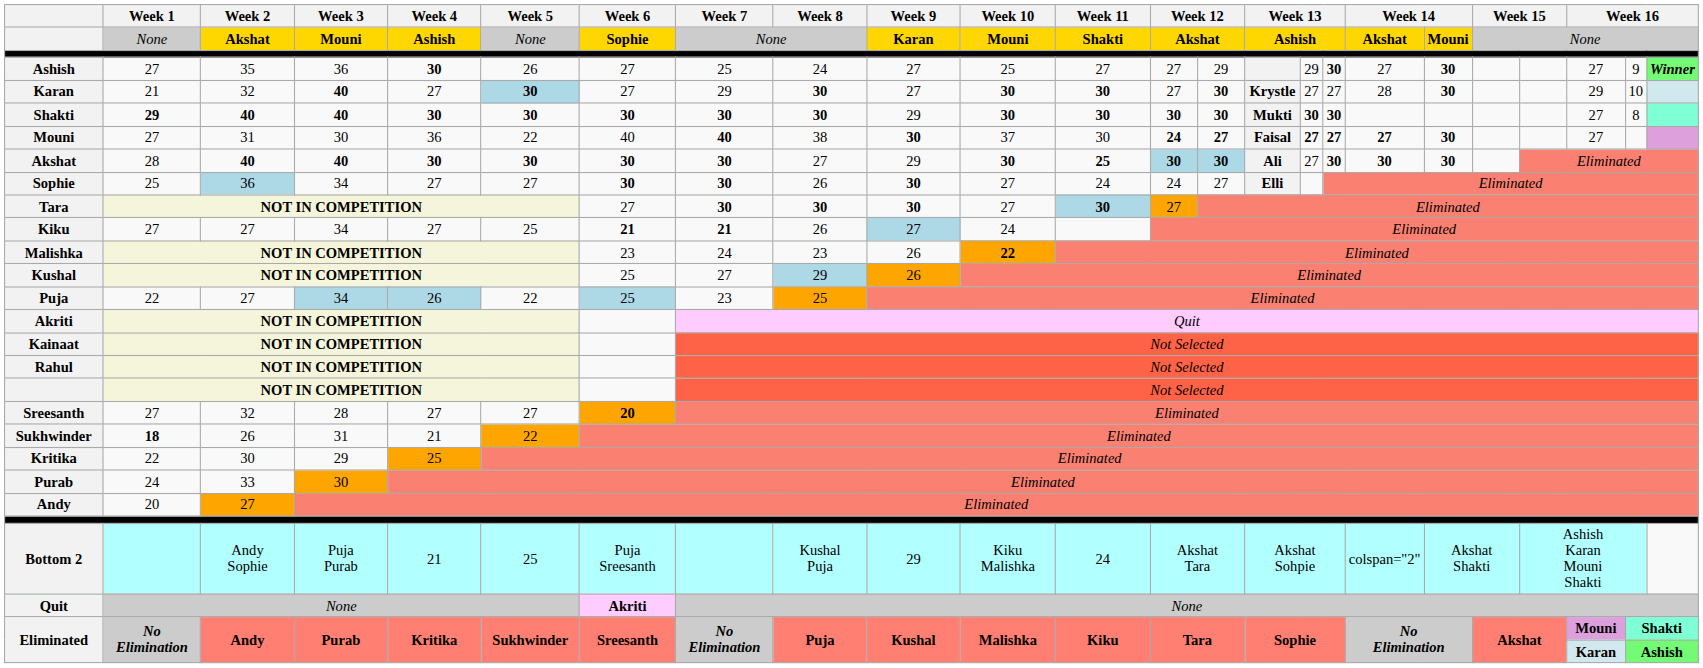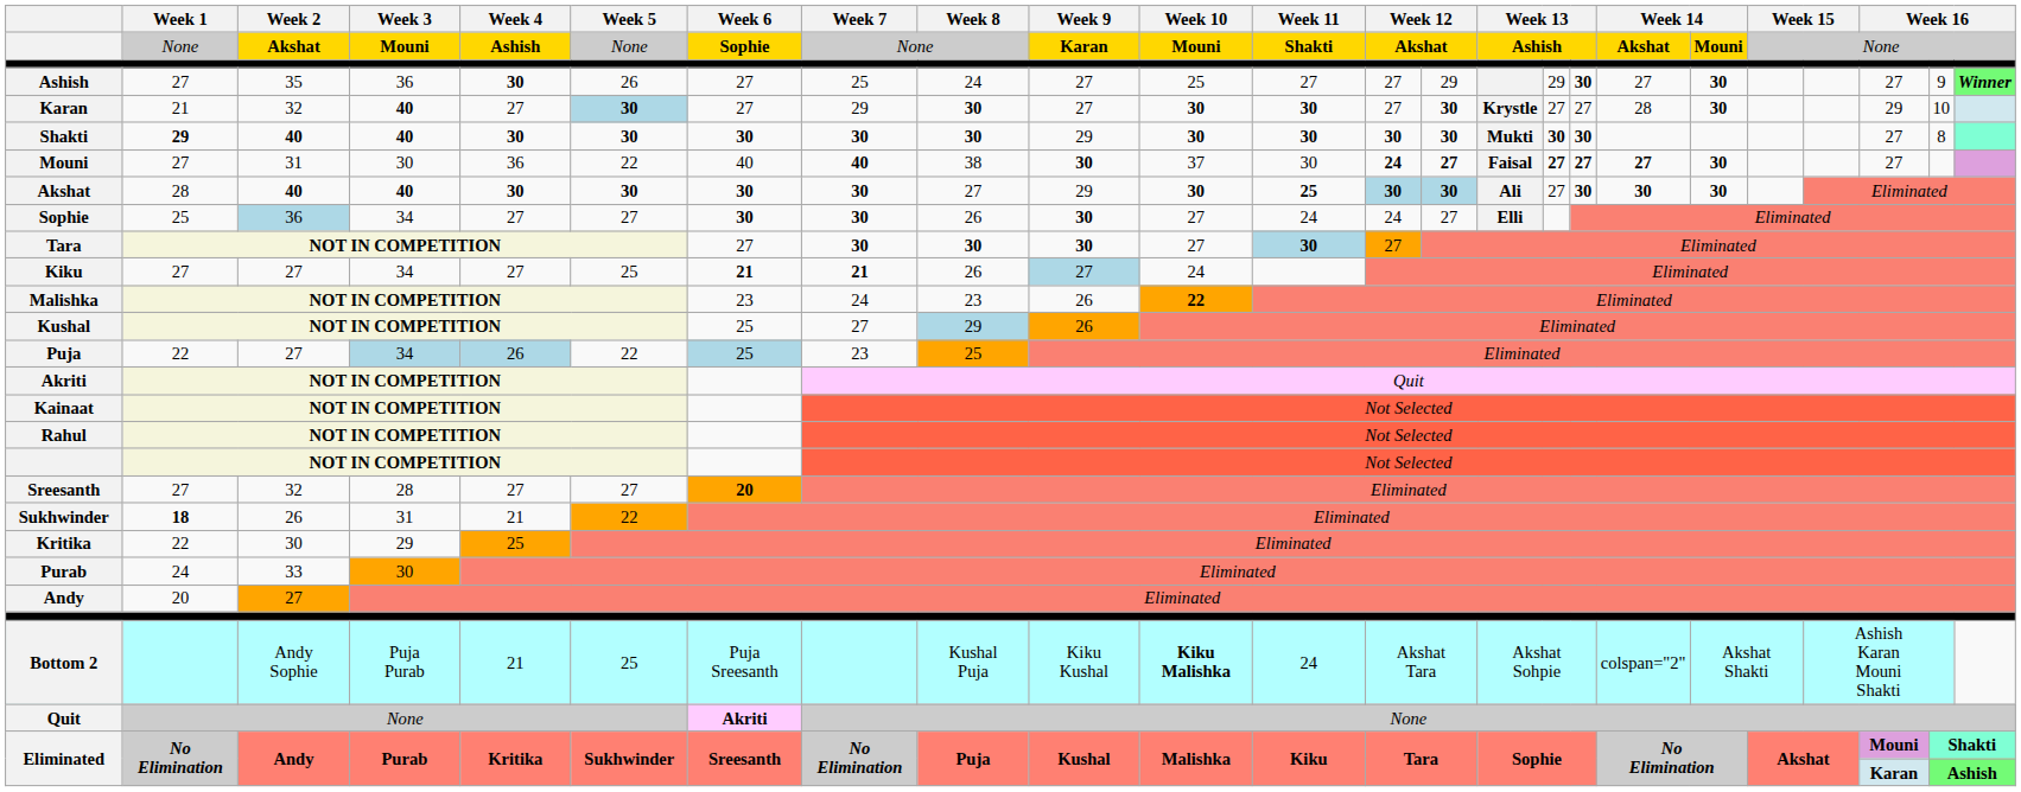 <table class="wikitable" style="text-align:center; width:100%; font-size:85%; line-height:15px;">
 <tr>
 <th style="width:6%;"></th>
 <th style="width:6%; white-space:nowrap;">Week 1</th>
 <th style="width:6%; white-space:nowrap;">Week 2</th>
 <th style="width:6%; white-space:nowrap;">Week 3</th>
 <th style="width:6%; white-space:nowrap;">Week 4</th>
 <th style="width:6%; white-space:nowrap;">Week 5</th>
 <th style="width:6%; white-space:nowrap;">Week 6</th>
 <th style="width:6%; white-space:nowrap;">Week 7</th>
 <th style="width:6%; white-space:nowrap;">Week 8</th>
 <th style="width:6%; white-space:nowrap;">Week 9</th>
 <th style="width:6%; white-space:nowrap;">Week 10</th>
 <th style="width:6%; white-space:nowrap;">Week 11</th>
 <th colspan="2" style="width:6%; white-space:nowrap;">Week 12</th>
 <th colspan="3" style="width:6%; white-space:nowrap;">Week 13</th>
 <th colspan="2" style="width:6%; white-space:nowrap;">Week 14</th>
 <th colspan="2" style="width:6%; white-space:nowrap;">Week 15</th>
 <th colspan="3" style="width:9%; white-space:nowrap;">Week 16</th>
 </tr>
 <tr>
 <th></th>
 <td style="background:#ccc;"><em>None</em></td>
 <td style="background:gold;"><strong>Akshat</strong></td>
 <td style="background:gold;"><strong>Mouni</strong></td>
 <td style="background:gold;"><strong>Ashish</strong></td>
 <td style="background:#ccc;"><em>None</em></td>
 <td style="background:gold;"><strong>Sophie</strong></td>
 <td colspan="2" style="background:#ccc;"><em>None</em></td>
 <td style="background:gold;"><strong>Karan</strong></td>
 <td style="background:gold;"><strong>Mouni</strong></td>
 <td style="background:gold;"><strong>Shakti</strong></td>
 <td colspan="2" style="background:gold;"><strong>Akshat</strong></td>
 <td colspan="3" style="background:gold;"><strong>Ashish</strong></td>
 <td style="background:gold;"><strong>Akshat</strong></td>
 <td style="background:gold;"><strong>Mouni</strong></td>
 <td colspan="5" style="background:#ccc;"><em>None</em></td>
 </tr>
 <tr>
 <td colspan="24" bgcolor="black"></td>
 </tr>
 <tr>
 <th>Ashish</th>
 <td>27</td>
 <td>35</td>
 <td>36</td>
 <td><span><strong>30</strong></span></td>
 <td>26</td>
 <td>27</td>
 <td>25</td>
 <td>24</td>
 <td>27</td>
 <td>25</td>
 <td>27</td>
 <td>27</td>
 <td>29</td>
 <th></th>
 <td>29</td>
 <td><span><strong>30</strong></span></td>
 <td><span>27</span></td>
 <td><span><strong>30</strong></span></td>
 <td></td>
 <td></td>
 <td>27</td>
 <td>9</td>
 <td style="background:#73FB76;"><strong><em>Winner</em></strong></td>
 </tr>
 <tr>
 <th>Karan</th>
 <td>21</td>
 <td>32</td>
 <td><span><strong>40</strong></span></td>
 <td>27</td>
 <td style="background:lightblue;"><span><strong>30</strong></span></td>
 <td>27</td>
 <td>29</td>
 <td><span><strong>30</strong></span></td>
 <td>27</td>
 <td><span><strong>30</strong></span></td>
 <td><span><strong>30</strong></span></td>
 <td>27</td>
 <td><span><strong>30</strong></span></td>
 <th>Krystle</th>
 <td>27</td>
 <td>27</td>
 <td>28</td>
 <td><span><strong>30</strong></span></td>
 <td></td>
 <td></td>
 <td>29</td>
 <td>10</td>
 <td style="background:#D1E8EF;"><strong><em></em></strong></td>
 </tr>
 <tr>
 <th>Shakti</th>
 <td><span><strong>29</strong></span></td>
 <td><span><strong>40</strong></span></td>
 <td><span><strong>40</strong></span></td>
 <td><span><strong>30</strong></span></td>
 <td><span><strong>30</strong></span></td>
 <td><span><strong>30</strong></span></td>
 <td><span><strong>30</strong></span></td>
 <td><span><strong>30</strong></span></td>
 <td>29</td>
 <td><span><strong>30</strong></span></td>
 <td><span><strong>30</strong></span></td>
 <td><span><strong>30</strong></span></td>
 <td><span><strong>30</strong></span></td>
 <th>Mukti</th>
 <td><span><strong>30</strong></span></td>
 <td><span><strong>30</strong></span></td>
 <td></td>
 <td></td>
 <td></td>
 <td></td>
 <td>27</td>
 <td>8</td>
 <td style="background:#7FFFD4;"><strong><em></em></strong></td>
 </tr>
 <tr>
 <th>Mouni</th>
 <td>27</td>
 <td>31</td>
 <td>30</td>
 <td>36</td>
 <td>22</td>
 <td>40</td>
 <td><span><strong>40</strong></span></td>
 <td>38</td>
 <td><span><strong>30</strong></span></td>
 <td>37</td>
 <td><span>30</span></td>
 <td><span><strong>24</strong></span></td>
 <td><span><strong>27</strong></span></td>
 <th>Faisal</th>
 <td><span><strong>27</strong></span></td>
 <td><span><strong>27</strong></span></td>
 <td><span><strong>27</strong></span></td>
 <td><span><strong>30</strong></span></td>
 <td></td>
 <td></td>
 <td>27</td>
 <td></td>
 <td style="background:#DDA0DD;"><strong><em></em></strong></td>
 </tr>
 <tr>
 <th>Akshat</th>
 <td>28</td>
 <td><span><strong>40</strong></span></td>
 <td><span><strong>40</strong></span></td>
 <td><span><strong>30</strong></span></td>
 <td><span><strong>30</strong></span></td>
 <td><span><strong>30</strong></span></td>
 <td><span><strong>30</strong></span></td>
 <td>27</td>
 <td>29</td>
 <td><span><strong>30</strong></span></td>
 <td><span><strong>25</strong></span></td>
 <td style="background:lightblue;"><span><strong>30</strong></span></td>
 <td style="background:lightblue;"><span><strong>30</strong></span></td>
 <th>Ali</th>
 <td>27</td>
 <td><span><strong>30</strong></span></td>
 <td><span><strong>30</strong></span></td>
 <td><span><strong>30</strong></span></td>
 <td></td>
 <td colspan="4" style="background:salmon; text-align:center;"><em>Eliminated</em></td>
 </tr>
 <tr>
 <th>Sophie</th>
 <td>25</td>
 <td style="background:lightblue;">36</td>
 <td>34</td>
 <td>27</td>
 <td>27</td>
 <td><span><strong>30</strong></span></td>
 <td><span><strong>30</strong></span></td>
 <td>26</td>
 <td><span><strong>30</strong></span></td>
 <td>27</td>
 <td>24</td>
 <td>24</td>
 <td>27</td>
 <th>Elli</th>
 <td></td>
 <td colspan="8" style="background:salmon; text-align:center;"><em>Eliminated</em></td>
 </tr>
 <tr>
 <th>Tara</th>
 <td colspan="5" style="background:beige; text-align:center;"><strong>NOT IN COMPETITION</strong></td>
 <td>27</td>
 <td><span><strong>30</strong></span></td>
 <td><span><strong>30</strong></span></td>
 <td><span><strong>30</strong></span></td>
 <td>27</td>
 <td style="background:lightblue;"><span><strong>30</strong></span></td>
 <td style="background:orange;">27</td>
 <td colspan="11" style="background:salmon; text-align:center;"><em>Eliminated</em></td>
 </tr>
 <tr>
 <th>Kiku</th>
 <td>27</td>
 <td>27</td>
 <td>34</td>
 <td>27</td>
 <td>25</td>
 <td><span><strong>21</strong></span></td>
 <td><span><strong>21</strong></span></td>
 <td>26</td>
 <td style="background:lightblue;">27</td>
 <td>24</td>
 <td></td>
 <td colspan="12" style="background:salmon; text-align:center;"><em>Eliminated</em></td>
 </tr>
 <tr>
 <th>Malishka</th>
 <td colspan="5" style="background:beige; text-align:center;"><strong>NOT IN COMPETITION</strong></td>
 <td>23</td>
 <td>24</td>
 <td>23</td>
 <td>26</td>
 <td style="background:orange;"><span><strong>22</strong></span></td>
 <td colspan="13" style="background:salmon; text-align:center;"><em>Eliminated</em></td>
 </tr>
 <tr>
 <th>Kushal</th>
 <td colspan="5" style="background:beige; text-align:center;"><strong>NOT IN COMPETITION</strong></td>
 <td>25</td>
 <td>27</td>
 <td style="background:lightblue;">29</td>
 <td style="background:orange;">26</td>
 <td colspan="14" style="background:salmon; text-align:center;"><em>Eliminated</em></td>
 </tr>
 <tr>
 <th>Puja</th>
 <td>22</td>
 <td>27</td>
 <td style="background:lightblue;">34</td>
 <td style="background:lightblue;">26</td>
 <td>22</td>
 <td style="background:lightblue;">25</td>
 <td>23</td>
 <td style="background:orange;">25</td>
 <td colspan="15" style="background:salmon; text-align:center;"><em>Eliminated</em></td>
 </tr>
 <tr>
 <th>Akriti</th>
 <td colspan="5" style="background:beige; text-align:center;"><strong>NOT IN COMPETITION</strong></td>
 <td></td>
 <td colspan="17" style="background:#fcf; text-align:center;"><em>Quit</em></td>
 </tr>
 <tr>
 <th>Kainaat</th>
 <td colspan="5" style="background:beige; text-align:center;"><strong>NOT IN COMPETITION</strong></td>
 <td></td>
 <td colspan="17" style="background:tomato; text-align:center;"><em>Not Selected</em></td>
 </tr>
 <tr>
 <th>Rahul</th>
 <td colspan="5" style="background:beige; text-align:center;"><strong>NOT IN COMPETITION</strong></td>
 <td></td>
 <td colspan="17" style="background:tomato; text-align:center;"><em>Not Selected</em></td>
 </tr>
 <tr>
 <th></th>
 <td colspan="5" style="background:beige; text-align:center;"><strong>NOT IN COMPETITION</strong></td>
 <td></td>
 <td colspan="17" style="background:tomato; text-align:center;"><em>Not Selected</em></td>
 </tr>
 <tr>
 <th>Sreesanth</th>
 <td>27</td>
 <td>32</td>
 <td>28</td>
 <td>27</td>
 <td>27</td>
 <td style="background:orange;"><span><strong>20</strong></span></td>
 <td colspan="17" style="background:salmon; text-align:center;"><em>Eliminated</em></td>
 </tr>
 <tr>
 <th>Sukhwinder</th>
 <td><span><strong>18</strong></span></td>
 <td>26</td>
 <td>31</td>
 <td>21</td>
 <td style="background:orange;">22</td>
 <td colspan="18" style="background:salmon; text-align:center;"><em>Eliminated</em></td>
 </tr>
 <tr>
 <th>Kritika</th>
 <td>22</td>
 <td>30</td>
 <td>29</td>
 <td style="background:orange;">25</td>
 <td colspan="19" style="background:salmon; text-align:center;"><em>Eliminated</em></td>
 </tr>
 <tr>
 <th>Purab</th>
 <td>24</td>
 <td>33</td>
 <td style="background:orange;">30</td>
 <td colspan="20" style="background:salmon; text-align:center;"><em>Eliminated</em></td>
 </tr>
 <tr>
 <th>Andy</th>
 <td>20</td>
 <td style="background:orange;">27</td>
 <td colspan="21" style="background:salmon; text-align:center;"><em>Eliminated</em></td>
 </tr>
 <tr>
 <td colspan="24" bgcolor="black"></td>
 </tr>
 <tr style="background:#B2FFFF" |>
 <th>Bottom 2</th>
 <td></td>
 <td>Andy<br>Sophie</td>
 <td>Puja<br>Purab</td>
 <td>21</td>
 <td>25</td>
 <td>Puja<br>Sreesanth</td>
 <td></td>
 <td>Kushal<br>Puja</td>
-<td>29</td>
-<td>Kiku<br>Malishka</td>
+<td>Kiku<br>Kushal</td>
+<td><strong>Kiku<br>Malishka</strong></td>
 <td>24</td>
 <td colspan="2">Akshat<br>Tara</td>
 <td colspan="3">Akshat<br>Sohpie</td>
 <td>colspan="2" </td>
 <td colspan="2">Akshat<br>Shakti</td>
 <td colspan="3">Ashish<br>Karan<br>Mouni<br>Shakti</td>
 </tr>
 <tr>
 <th>Quit</th>
 <td colspan="5" style="background:#ccc;"><em>None</em></td>
 <td style="background:#fcf;"><strong>Akriti</strong></td>
 <td colspan="17" style="background:#ccc;"><em>None</em></td>
 </tr>
 <tr>
 <th rowspan="2">Eliminated</th>
 <td rowspan="2" style="background:#ccc;"><strong><em>No<br>Elimination</em></strong></td>
 <td rowspan="2" style="background:#ff8072;"><strong>Andy</strong></td>
 <td rowspan="2" style="background:#ff8072;"><strong>Purab</strong></td>
 <td rowspan="2" style="background:#ff8072;"><strong>Kritika</strong></td>
 <td rowspan="2" style="background:#ff8072;"><strong>Sukhwinder</strong></td>
 <td rowspan="2" style="background:#ff8072;"><strong>Sreesanth</strong></td>
 <td rowspan="2" style="background:#ccc;"><strong><em>No<br>Elimination</em></strong></td>
 <td rowspan="2" style="background:#ff8072;"><strong>Puja</strong></td>
 <td rowspan="2" style="background:#ff8072;"><strong>Kushal</strong></td>
 <td rowspan="2" style="background:#ff8072;"><strong>Malishka</strong></td>
 <td rowspan="2" style="background:#ff8072;"><strong>Kiku</strong></td>
 <td colspan="2" rowspan="2" style="background:#ff8072;"><strong>Tara</strong></td>
 <td colspan="3" rowspan="2" style="background:#ff8072;"><strong>Sophie</strong></td>
 <td colspan="2" rowspan="2" style="background:#ccc;"><strong><em>No<br>Elimination</em></strong></td>
 <td colspan="2" rowspan="2" style="background:#ff8072;"><strong>Akshat</strong></td>
 <td style="background:#DDA0DD;"><strong>Mouni</strong></td>
 <td colspan="2" rowspan="1" style="background:#7FFFD4;"><strong>Shakti</strong></td>
 </tr>
 <tr>
 <td style="background:#D1E8EF;"><strong>Karan</strong></td>
 <td colspan="2" rowspan="2" style="background:#73FB76;"><strong>Ashish</strong></td>
 </tr>
 </table>
